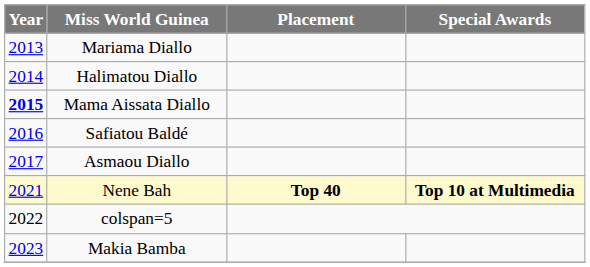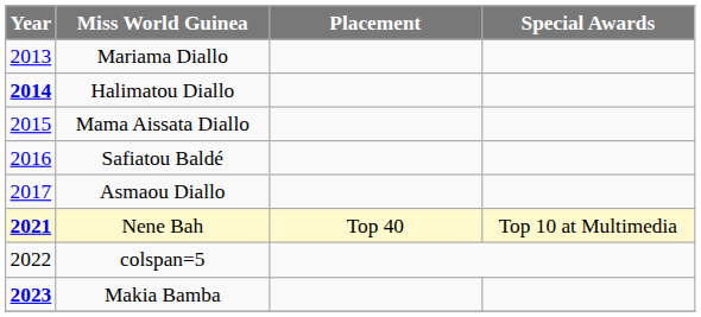 <table class="wikitable sortable" style="font-size: 95%; text-align:center">
 <tr>
 <th width="30" style="background-color:#787878;color:#FFFFFF;">Year</th>
 <th width="150" style="background-color:#787878;color:#FFFFFF;">Miss World Guinea</th>
 <th width="150" style="background-color:#787878;color:#FFFFFF;">Placement</th>
 <th width="150" style="background-color:#787878;color:#FFFFFF;">Special Awards</th>
 </tr>
 <tr>
 <td><a href='#'>2013</a></td>
 <td>Mariama Diallo</td>
 <td></td>
 <td></td>
 </tr>
 <tr>
-<td><a href='#'>2014</a></td>
+<td><strong><a href='#'>2014</a></strong></td>
 <td>Halimatou Diallo</td>
 <td></td>
 <td></td>
 </tr>
 <tr>
-<td><strong><a href='#'>2015</a></strong></td>
+<td><a href='#'>2015</a></td>
 <td>Mama Aissata Diallo</td>
 <td></td>
 <td></td>
 </tr>
 <tr>
 <td><a href='#'>2016</a></td>
 <td>Safiatou Baldé</td>
 <td></td>
 <td></td>
 </tr>
 <tr>
 <td><a href='#'>2017</a></td>
 <td>Asmaou Diallo</td>
 <td></td>
 <td></td>
 </tr>
 <tr style="background-color:#FFFACD;">
-<td><a href='#'>2021</a></td>
+<td><strong><a href='#'>2021</a></strong></td>
 <td>Nene Bah</td>
-<td><strong>Top 40</strong></td>
-<td><strong>Top 10 at Multimedia</strong></td>
+<td>Top 40</td>
+<td>Top 10 at Multimedia</td>
 </tr>
 <tr>
 <td>2022</td>
 <td>colspan=5 </td>
 </tr>
 <tr>
-<td><a href='#'>2023</a></td>
+<td><strong><a href='#'>2023</a></strong></td>
 <td>Makia Bamba</td>
 <td></td>
 <td></td>
 </tr>
 <tr>
 </tr>
 </table>
